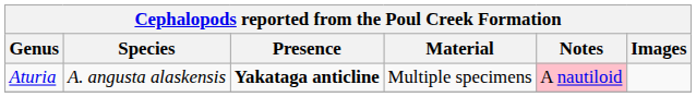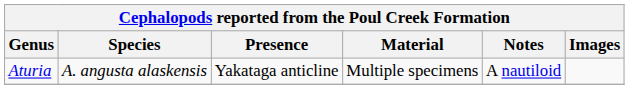 <table class="wikitable" align="center">
 <tr>
 <th colspan="6" align="center"><strong><a href='#'>Cephalopods</a> reported from the Poul Creek Formation</strong></th>
 </tr>
 <tr>
 <th>Genus</th>
 <th>Species</th>
 <th>Presence</th>
 <th><strong>Material</strong></th>
 <th>Notes</th>
 <th>Images</th>
 </tr>
 <tr>
 <td><em><a href='#'>Aturia</a></em></td>
 <td><em>A. angusta alaskensis</em></td>
-<td><strong>Yakataga anticline</strong></td>
+<td>Yakataga anticline</td>
 <td>Multiple specimens</td>
-<td style="background: pink;">A <a href='#'>nautiloid</a></td>
+<td>A <a href='#'>nautiloid</a></td>
 <td></td>
 </tr>
 <tr>
 </tr>
 </table>
